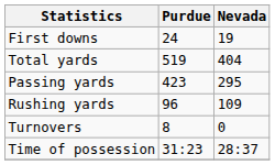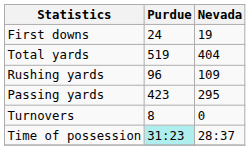 <table class="wikitable">
 <tr>
 <th>Statistics</th>
 <th>Purdue</th>
 <th>Nevada</th>
 </tr>
 <tr>
 <td>First downs</td>
 <td>24</td>
 <td>19</td>
 </tr>
 <tr>
 <td>Total yards</td>
 <td>519</td>
 <td>404</td>
 </tr>
 <tr>
+<td>Rushing yards</td>
+<td>96</td>
+<td>109</td>
+</tr>
+<tr>
 <td>Passing yards</td>
 <td>423</td>
 <td>295</td>
-</tr>
-<tr>
-<td>Rushing yards</td>
-<td>96</td>
-<td>109</td>
 </tr>
 <tr>
 <td>Turnovers</td>
 <td>8</td>
 <td>0</td>
 </tr>
 <tr>
 <td>Time of possession</td>
-<td>31:23</td>
+<td style="background: paleturquoise;">31:23</td>
 <td>28:37</td>
 </tr>
 <tr>
 </tr>
 </table>
